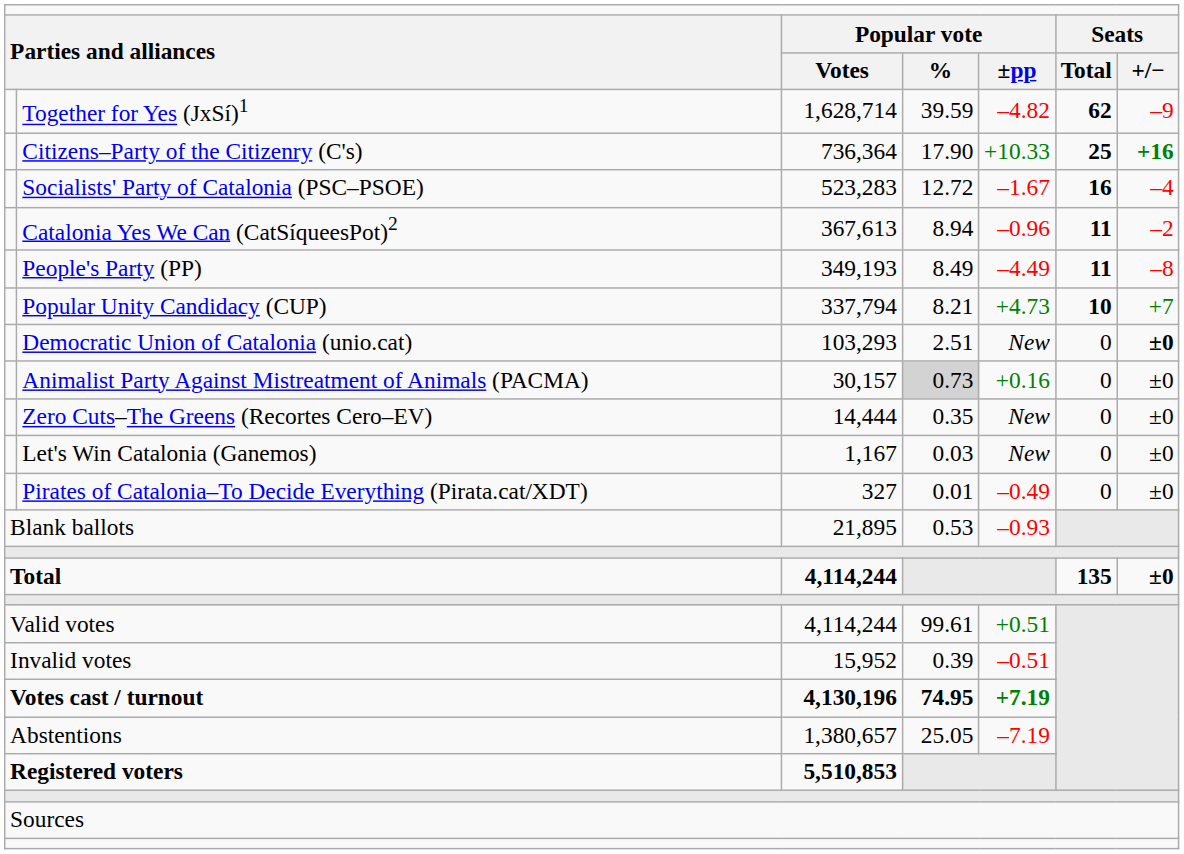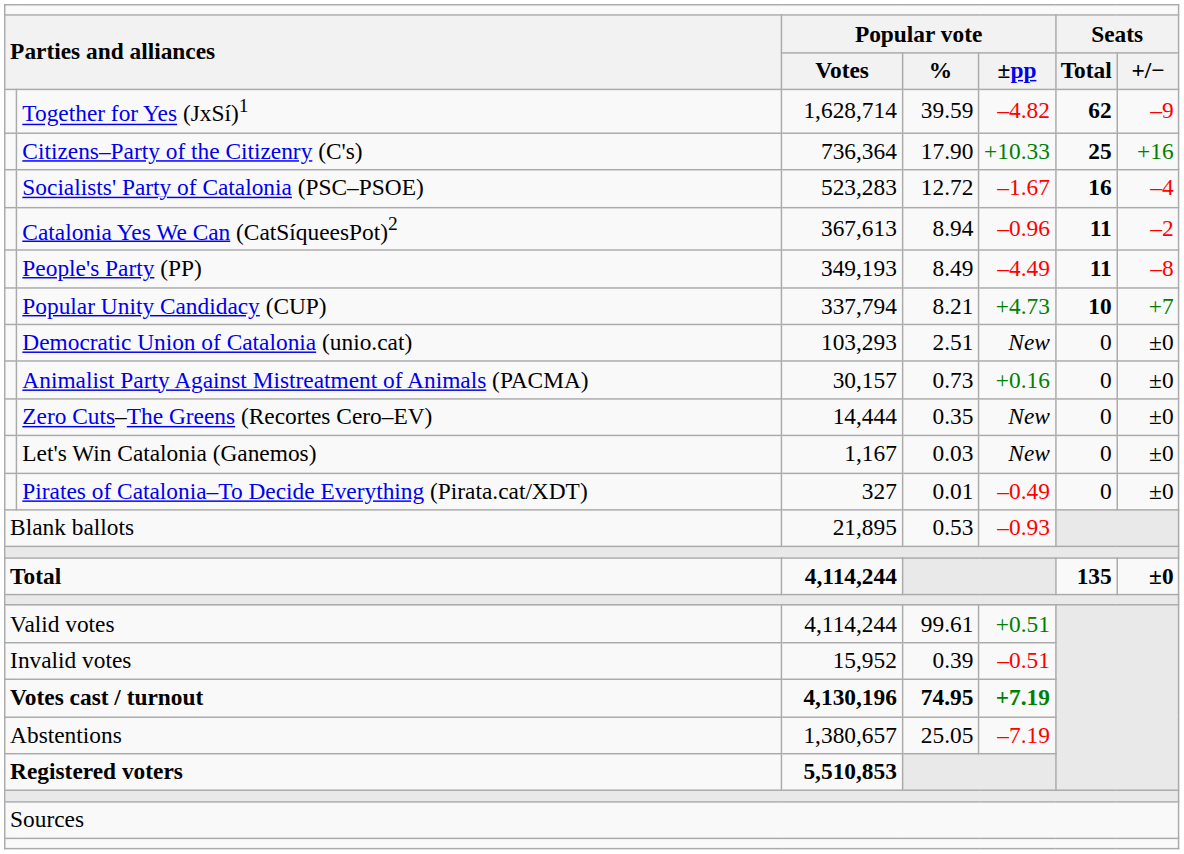 <table class="wikitable" style="text-align:right;">
 <tr>
 <td colspan="7"></td>
 </tr>
 <tr>
 <th style="text-align:left;" rowspan="2" colspan="2" width="525">Parties and alliances</th>
 <th colspan="3">Popular vote</th>
 <th colspan="2">Seats</th>
 </tr>
 <tr>
 <th width="75">Votes</th>
 <th width="45">%</th>
 <th width="45">±<a href='#'>pp</a></th>
 <th width="35">Total</th>
 <th width="35">+/−</th>
 </tr>
 <tr>
 <td width="1" style="color:inherit;background:"></td>
 <td align="left"><a href='#'>Together for Yes</a> (JxSí)<sup>1</sup></td>
 <td>1,628,714</td>
 <td>39.59</td>
 <td style="color:red;">–4.82</td>
 <td><strong>62</strong></td>
 <td style="color:red;">–9</td>
 </tr>
 <tr>
 <td style="color:inherit;background:"></td>
 <td align="left"><a href='#'>Citizens–Party of the Citizenry</a> (C's)</td>
 <td>736,364</td>
 <td>17.90</td>
 <td style="color:green;">+10.33</td>
 <td><strong>25</strong></td>
-<td style="color:green;"><strong>+16</strong></td>
+<td style="color:green;">+16</td>
 </tr>
 <tr>
 <td style="color:inherit;background:"></td>
 <td align="left"><a href='#'>Socialists' Party of Catalonia</a> (PSC–PSOE)</td>
 <td>523,283</td>
 <td>12.72</td>
 <td style="color:red;">–1.67</td>
 <td><strong>16</strong></td>
 <td style="color:red;">–4</td>
 </tr>
 <tr>
 <td style="color:inherit;background:"></td>
 <td align="left"><a href='#'>Catalonia Yes We Can</a> (CatSíqueesPot)<sup>2</sup></td>
 <td>367,613</td>
 <td>8.94</td>
 <td style="color:red;">–0.96</td>
 <td><strong>11</strong></td>
 <td style="color:red;">–2</td>
 </tr>
 <tr>
 <td style="color:inherit;background:"></td>
 <td align="left"><a href='#'>People's Party</a> (PP)</td>
 <td>349,193</td>
 <td>8.49</td>
 <td style="color:red;">–4.49</td>
 <td><strong>11</strong></td>
 <td style="color:red;">–8</td>
 </tr>
 <tr>
 <td style="color:inherit;background:"></td>
 <td align="left"><a href='#'>Popular Unity Candidacy</a> (CUP)</td>
 <td>337,794</td>
 <td>8.21</td>
 <td style="color:green;">+4.73</td>
 <td><strong>10</strong></td>
 <td style="color:green;">+7</td>
 </tr>
 <tr>
 <td style="color:inherit;background:"></td>
 <td align="left"><a href='#'>Democratic Union of Catalonia</a> (unio.cat)</td>
 <td>103,293</td>
 <td>2.51</td>
 <td><em>New</em></td>
 <td>0</td>
-<td><strong>±0</strong></td>
+<td>±0</td>
 </tr>
 <tr>
 <td style="color:inherit;background:"></td>
 <td align="left"><a href='#'>Animalist Party Against Mistreatment of Animals</a> (PACMA)</td>
 <td>30,157</td>
-<td style="background: lightgrey;">0.73</td>
+<td>0.73</td>
 <td style="color:green;">+0.16</td>
 <td>0</td>
 <td>±0</td>
 </tr>
 <tr>
 <td style="color:inherit;background:"></td>
 <td align="left"><a href='#'>Zero Cuts</a>–<a href='#'>The Greens</a> (Recortes Cero–EV)</td>
 <td>14,444</td>
 <td>0.35</td>
 <td><em>New</em></td>
 <td>0</td>
 <td>±0</td>
 </tr>
 <tr>
 <td style="color:inherit;background:"></td>
 <td align="left">Let's Win Catalonia (Ganemos)</td>
 <td>1,167</td>
 <td>0.03</td>
 <td><em>New</em></td>
 <td>0</td>
 <td>±0</td>
 </tr>
 <tr>
 <td style="color:inherit;background:"></td>
 <td align="left"><a href='#'>Pirates of Catalonia–To Decide Everything</a> (Pirata.cat/XDT)</td>
 <td>327</td>
 <td>0.01</td>
 <td style="color:red;">–0.49</td>
 <td>0</td>
 <td>±0</td>
 </tr>
 <tr>
 <td align="left" colspan="2">Blank ballots</td>
 <td>21,895</td>
 <td>0.53</td>
 <td style="color:red;">–0.93</td>
 <td bgcolor="#E9E9E9" colspan="2"></td>
 </tr>
 <tr>
 <td colspan="7" bgcolor="#E9E9E9"></td>
 </tr>
 <tr style="font-weight:bold;">
 <td align="left" colspan="2">Total</td>
 <td>4,114,244</td>
 <td bgcolor="#E9E9E9" colspan="2"></td>
 <td>135</td>
 <td>±0</td>
 </tr>
 <tr>
 <td colspan="7" bgcolor="#E9E9E9"></td>
 </tr>
 <tr>
 <td align="left" colspan="2">Valid votes</td>
 <td>4,114,244</td>
 <td>99.61</td>
 <td style="color:green;">+0.51</td>
 <td bgcolor="#E9E9E9" colspan="2" rowspan="5"></td>
 </tr>
 <tr>
 <td align="left" colspan="2">Invalid votes</td>
 <td>15,952</td>
 <td>0.39</td>
 <td style="color:red;">–0.51</td>
 </tr>
 <tr style="font-weight:bold;">
 <td align="left" colspan="2">Votes cast / turnout</td>
 <td>4,130,196</td>
 <td>74.95</td>
 <td style="color:green;">+7.19</td>
 </tr>
 <tr>
 <td align="left" colspan="2">Abstentions</td>
 <td>1,380,657</td>
 <td>25.05</td>
 <td style="color:red;">–7.19</td>
 </tr>
 <tr style="font-weight:bold;">
 <td align="left" colspan="2">Registered voters</td>
 <td>5,510,853</td>
 <td bgcolor="#E9E9E9" colspan="2"></td>
 </tr>
 <tr>
 <td colspan="7" bgcolor="#E9E9E9"></td>
 </tr>
 <tr>
 <td align="left" colspan="7">Sources</td>
 </tr>
 <tr>
 <td colspan="7" style="text-align:left; max-width:790px;"></td>
 </tr>
 </table>
